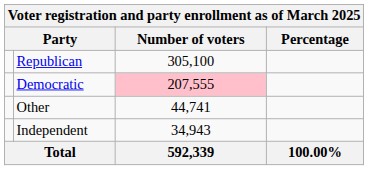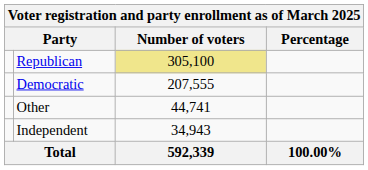 <table class="wikitable">
 <tr>
 <th colspan="6">Voter registration and party enrollment as of March 2025</th>
 </tr>
 <tr>
 <th colspan="2">Party</th>
 <th>Number of voters</th>
 <th>Percentage</th>
 </tr>
 <tr>
 <td></td>
 <td><a href='#'>Republican</a></td>
-<td style="text-align:center;">305,100</td>
+<td style="background: khaki; text-align:center;">305,100</td>
 <td style="text-align:center;"></td>
 </tr>
 <tr>
 <td></td>
 <td><a href='#'>Democratic</a></td>
-<td style="background: pink; text-align:center;">207,555</td>
+<td style="text-align:center;">207,555</td>
 <td style="text-align:center;"></td>
 </tr>
 <tr>
 <td></td>
 <td>Other</td>
 <td style="text-align:center;">44,741</td>
 <td style="text-align:center;"></td>
 </tr>
 <tr>
 <td></td>
 <td>Independent</td>
 <td style="text-align:center;">34,943</td>
 <td style="text-align:center;"></td>
 </tr>
 <tr>
 <th colspan="2">Total</th>
 <th style="text-align:center;">592,339</th>
 <th style="text-align:center;">100.00%</th>
 </tr>
 </table>
